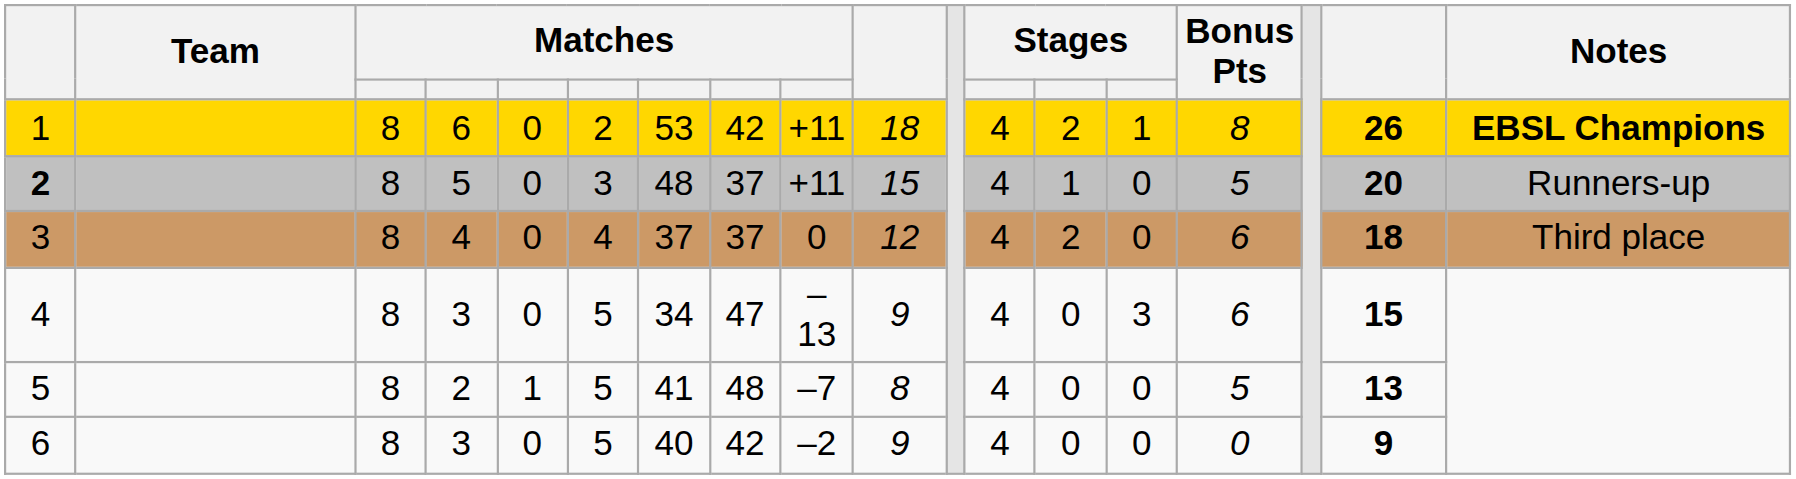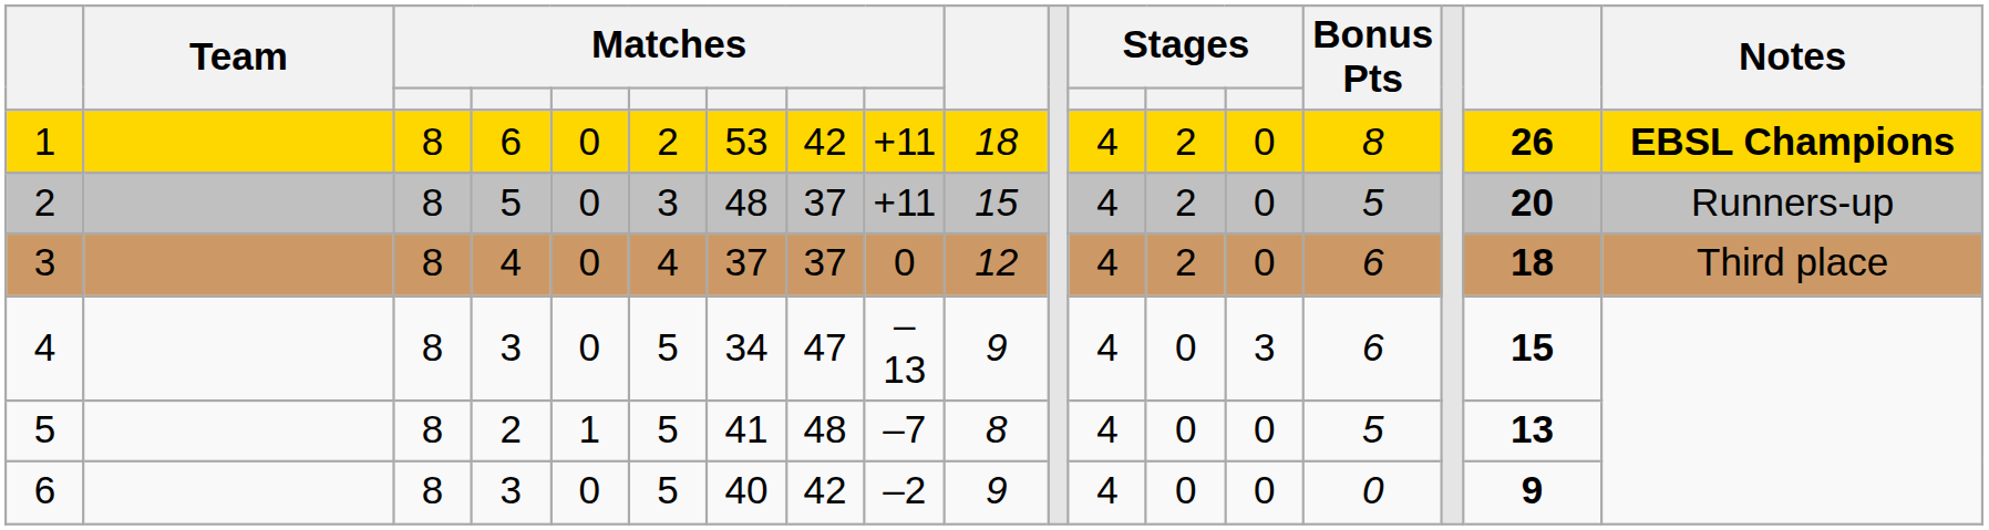 <table class="wikitable" style="text-align: center;">
 <tr>
 <th width="25" rowspan="2"></th>
 <th width="120" rowspan="2">Team</th>
 <th colspan="7">Matches</th>
 <th width="35" rowspan="2"></th>
 <th width="1" style="background-color: #E5E5E5;" rowspan="9"></th>
 <th colspan="3">Stages</th>
 <th width="30" rowspan="2">Bonus Pts</th>
 <th width="1" style="background-color: #E5E5E5;" rowspan="9"></th>
 <th width="50" rowspan="2"></th>
 <th width="150" rowspan="2">Notes</th>
 </tr>
 <tr>
 <th width="25"></th>
 <th width="25"></th>
 <th width="25"></th>
 <th width="25"></th>
 <th width="25"></th>
 <th width="25"></th>
 <th width="25"></th>
 <th width="25"></th>
 <th width="25"></th>
 <th width="25"></th>
 </tr>
 <tr style="background-color: gold;">
 <td>1</td>
 <td align=left><strong></strong></td>
 <td>8</td>
 <td>6</td>
 <td>0</td>
 <td>2</td>
 <td>53</td>
 <td>42</td>
 <td>+11</td>
 <td><em>18</em></td>
 <td>4</td>
 <td>2</td>
-<td>1</td>
+<td>0</td>
 <td><em>8</em></td>
 <td><strong>26</strong></td>
 <td><strong>EBSL Champions</strong></td>
 </tr>
 <tr style="background-color: silver">
-<td><strong>2</strong></td>
+<td>2</td>
 <td align=left></td>
 <td>8</td>
 <td>5</td>
 <td>0</td>
 <td>3</td>
 <td>48</td>
 <td>37</td>
 <td>+11</td>
 <td><em>15</em></td>
 <td>4</td>
-<td>1</td>
+<td>2</td>
 <td>0</td>
 <td><em>5</em></td>
 <td><strong>20</strong></td>
 <td>Runners-up</td>
 </tr>
 <tr style="background-color: #CC9966;">
 <td>3</td>
 <td align=left></td>
 <td>8</td>
 <td>4</td>
 <td>0</td>
 <td>4</td>
 <td>37</td>
 <td>37</td>
 <td>0</td>
 <td><em>12</em></td>
 <td>4</td>
 <td>2</td>
 <td>0</td>
 <td><em>6</em></td>
 <td><strong>18</strong></td>
 <td>Third place</td>
 </tr>
 <tr>
 <td>4</td>
 <td align=left></td>
 <td>8</td>
 <td>3</td>
 <td>0</td>
 <td>5</td>
 <td>34</td>
 <td>47</td>
 <td>–13</td>
 <td><em>9</em></td>
 <td>4</td>
 <td>0</td>
 <td>3</td>
 <td><em>6</em></td>
 <td><strong>15</strong></td>
 <td rowspan="4"></td>
 </tr>
 <tr>
 <td>5</td>
 <td align=left></td>
 <td>8</td>
 <td>2</td>
 <td>1</td>
 <td>5</td>
 <td>41</td>
 <td>48</td>
 <td>–7</td>
 <td><em>8</em></td>
 <td>4</td>
 <td>0</td>
 <td>0</td>
 <td><em>5</em></td>
 <td><strong>13</strong></td>
 </tr>
 <tr>
 <td>6</td>
 <td align=left></td>
 <td>8</td>
 <td>3</td>
 <td>0</td>
 <td>5</td>
 <td>40</td>
 <td>42</td>
 <td>–2</td>
 <td><em>9</em></td>
 <td>4</td>
 <td>0</td>
 <td>0</td>
 <td><em>0</em></td>
 <td><strong>9</strong></td>
 </tr>
 </table>
